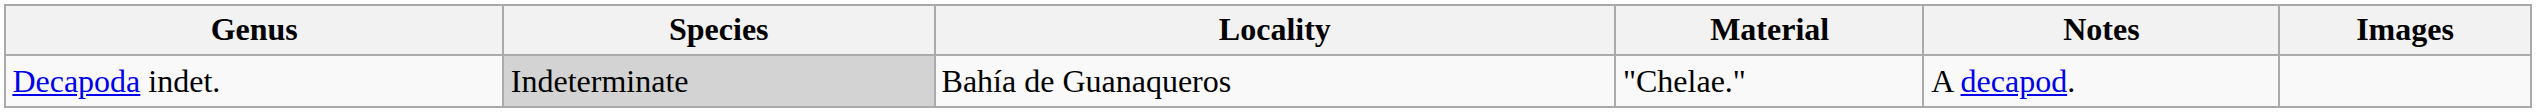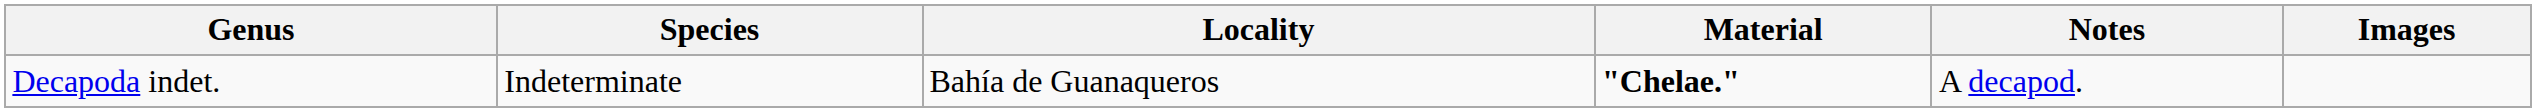 <table class="wikitable" align="center" width="100%">
 <tr>
 <th>Genus</th>
 <th>Species</th>
 <th>Locality</th>
 <th>Material</th>
 <th>Notes</th>
 <th>Images</th>
 </tr>
 <tr>
 <td><a href='#'>Decapoda</a> indet.</td>
-<td style="background: lightgrey;">Indeterminate</td>
+<td>Indeterminate</td>
 <td>Bahía de Guanaqueros</td>
-<td>"Chelae."</td>
+<td><strong>"Chelae."</strong></td>
 <td>A <a href='#'>decapod</a>.</td>
 <td></td>
 </tr>
 <tr>
 </tr>
 </table>
